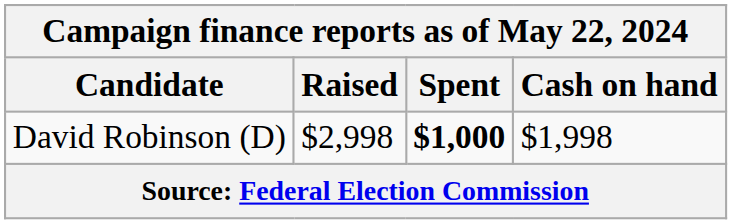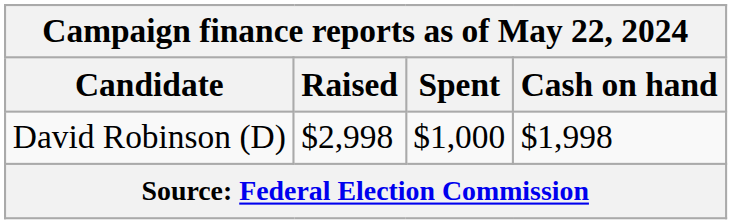 <table class="wikitable sortable">
 <tr>
 <th colspan=4>Campaign finance reports as of May 22, 2024</th>
 </tr>
 <tr style="text-align:center;">
 <th>Candidate</th>
 <th>Raised</th>
 <th>Spent</th>
 <th>Cash on hand</th>
 </tr>
 <tr>
 <td>David Robinson (D)</td>
 <td>$2,998</td>
-<td><strong>$1,000</strong></td>
+<td>$1,000</td>
 <td>$1,998</td>
 </tr>
 <tr>
 <th colspan="4"><small>Source: <a href='#'>Federal Election Commission</a></small></th>
 </tr>
 </table>
